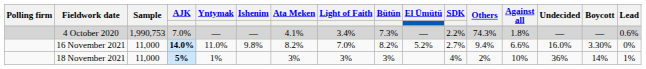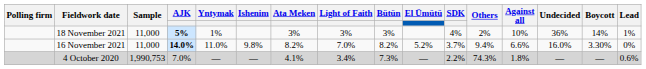 <table class="wikitable sortable" style="text-align:center;font-size:90%;line-height:14px;">
 <tr>
 <th rowspan="2">Polling firm</th>
 <th rowspan="2">Fieldwork date</th>
 <th rowspan="2">Sample</th>
 <th><a href='#'>AJK</a></th>
 <th><a href='#'>Yntymak</a></th>
 <th><a href='#'>Ishenim</a></th>
 <th><a href='#'>Ata Meken</a></th>
 <th><a href='#'>Light of Faith</a></th>
 <th><a href='#'>Bütün</a></th>
 <th><a href='#'>El Ümütü</a></th>
 <th><a href='#'>SDK</a></th>
 <th rowspan="2" class="unsortable" style="width:50px;"><a href='#'>Others</a></th>
 <th rowspan="2" class="unsortable" style="width:50px;"><a href='#'>Against all</a></th>
 <th rowspan="2" class="unsortable" style="width:50px;">Undecided</th>
 <th rowspan="2" class="unsortable" style="width:50px;">Boycott</th>
 <th rowspan="2">Lead</th>
 </tr>
 <tr>
 <th class="unsortable" style="color:inherit;background:"></th>
 <th class="unsortable" style="color:inherit;background:"></th>
 <th class="unsortable" style="color:inherit;background:"></th>
 <th class="unsortable" style="color:inherit;background:"></th>
 <th class="unsortable" style="color:inherit;background:"></th>
 <th class="unsortable" style="color:inherit;background:"></th>
 <th class="unsortable" style="color:inherit;background:#015BB3;"></th>
 <th class="unsortable" style="color:inherit;background:"></th>
 </tr>
+<tr>
+<td></td>
+<td data-sort-value="2021-11-18">18 November 2021</td>
+<td>11,000</td>
+<td style="background:#CCE6FF"><strong>5%</strong></td>
+<td>1%</td>
+<td></td>
+<td>3%</td>
+<td>3%</td>
+<td>3%</td>
+<td></td>
+<td>4%</td>
+<td>2%</td>
+<td>10%</td>
+<td>36%</td>
+<td>14%</td>
+<td style="background:">1%</td>
+</tr>
+<tr>
+<td></td>
+<td data-sort-value="2021-11-16">16 November 2021</td>
+<td>11,000</td>
+<td style="background:#CCE6FF"><strong>14.0%</strong></td>
+<td>11.0%</td>
+<td>9.8%</td>
+<td>8.2%</td>
+<td>7.0%</td>
+<td>8.2%</td>
+<td>5.2%</td>
+<td>3.7%</td>
+<td>9.4%</td>
+<td>6.6%</td>
+<td>16.0%</td>
+<td>3.30%</td>
+<td style="background:">0%</td>
+</tr>
 <tr style="background:#D5D5D5;">
 <td></td>
 <td data-sort-value="2029-10-04">4 October 2020</td>
 <td>1,990,753</td>
 <td>7.0%</td>
 <td>—</td>
 <td>—</td>
 <td>4.1%</td>
 <td>3.4%</td>
 <td>7.3%</td>
 <td>—</td>
 <td>2.2%</td>
 <td>74.3%</td>
 <td>1.8%</td>
 <td>—</td>
 <td>—</td>
 <td style="background:">0.6%</td>
 </tr>
-<tr>
-<td></td>
-<td data-sort-value="2021-11-16">16 November 2021</td>
-<td>11,000</td>
-<td style="background:#CCE6FF"><strong>14.0%</strong></td>
-<td>11.0%</td>
-<td>9.8%</td>
-<td>8.2%</td>
-<td>7.0%</td>
-<td>8.2%</td>
-<td>5.2%</td>
-<td>2.7%</td>
-<td>9.4%</td>
-<td>6.6%</td>
-<td>16.0%</td>
-<td>3.30%</td>
-<td style="background:">0%</td>
-</tr>
-<tr>
-<td></td>
-<td data-sort-value="2021-11-18">18 November 2021</td>
-<td>11,000</td>
-<td style="background:#CCE6FF"><strong>5%</strong></td>
-<td>1%</td>
-<td></td>
-<td>3%</td>
-<td>3%</td>
-<td>3%</td>
-<td></td>
-<td>4%</td>
-<td>2%</td>
-<td>10%</td>
-<td>36%</td>
-<td>14%</td>
-<td style="background:">1%</td>
-</tr>
 </table>
